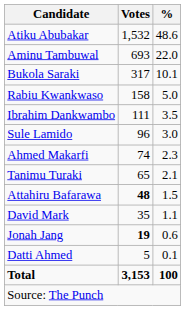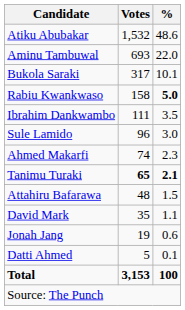 <table class=wikitable style=text-align:right>
 <tr>
 <th>Candidate</th>
 <th>Votes</th>
 <th>%</th>
 </tr>
 <tr>
 <td align=left><a href='#'>Atiku Abubakar</a></td>
 <td>1,532</td>
 <td>48.6</td>
 </tr>
 <tr>
 <td align=left><a href='#'>Aminu Tambuwal</a></td>
 <td>693</td>
 <td>22.0</td>
 </tr>
 <tr>
 <td align=left><a href='#'>Bukola Saraki</a></td>
 <td>317</td>
 <td>10.1</td>
 </tr>
 <tr>
 <td align=left><a href='#'>Rabiu Kwankwaso </a></td>
 <td>158</td>
-<td>5.0</td>
+<td><strong>5.0</strong></td>
 </tr>
 <tr>
 <td align=left><a href='#'>Ibrahim Dankwambo</a></td>
 <td>111</td>
 <td>3.5</td>
 </tr>
 <tr>
 <td align=left><a href='#'>Sule Lamido</a></td>
 <td>96</td>
 <td>3.0</td>
 </tr>
 <tr>
 <td align=left><a href='#'>Ahmed Makarfi </a></td>
 <td>74</td>
 <td>2.3</td>
 </tr>
 <tr>
 <td align=left><a href='#'>Tanimu Turaki</a></td>
-<td>65</td>
-<td>2.1</td>
+<td><strong>65</strong></td>
+<td><strong>2.1</strong></td>
 </tr>
 <tr>
 <td align=left><a href='#'>Attahiru Bafarawa</a></td>
-<td><strong>48</strong></td>
+<td>48</td>
 <td>1.5</td>
 </tr>
 <tr>
 <td align=left><a href='#'>David Mark </a></td>
 <td>35</td>
 <td>1.1</td>
 </tr>
 <tr>
 <td align=left><a href='#'>Jonah Jang</a></td>
-<td><strong>19</strong></td>
+<td>19</td>
 <td>0.6</td>
 </tr>
 <tr>
 <td align=left><a href='#'>Datti Ahmed</a></td>
 <td>5</td>
 <td>0.1</td>
 </tr>
 <tr>
 <td align=left><strong>Total</strong></td>
 <td><strong>3,153</strong></td>
 <td><strong>100</strong></td>
 </tr>
 <tr>
 <td align=left colspan=3>Source: <a href='#'>The Punch</a></td>
 </tr>
 </table>
